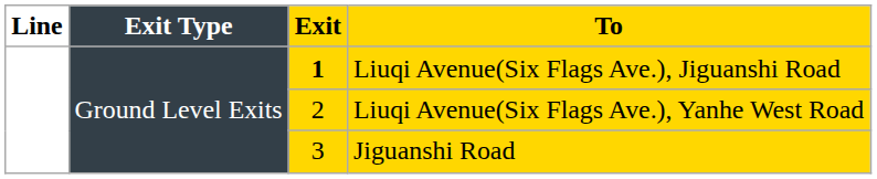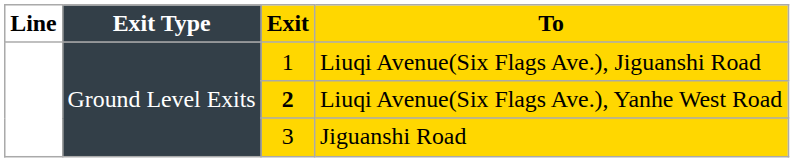 <table class="wikitable">
 <tr>
 <th style="width:70ppx; colspan:2; background:#ffffff; text-align:center;">Line</th>
 <th style="width:70ppx; colspan:2; background:#333f48; text-align:center; color:white;">Exit Type</th>
 <th style="background:#ffd700; color:black; text-align:center;">Exit</th>
 <th style="background:#ffd700; color:black; text-align:center;">To</th>
 </tr>
 <tr>
 <td rowspan=3 style=background:#ffffff> </td>
 <td rowspan=3 style="width:70ppx; colspan:2; background:#333f48; text-align:center; color:white;">Ground Level Exits</td>
-<td style="background:#ffd700; color:black; text-align:center;"><strong>1</strong></td>
+<td style="background:#ffd700; color:black; text-align:center;">1</td>
 <td style="background:#ffd700; color:black;">Liuqi Avenue(Six Flags Ave.), Jiguanshi Road</td>
 </tr>
 <tr>
-<td style="background:#ffd700; color:black; text-align:center;">2</td>
+<td style="background:#ffd700; color:black; text-align:center;"><strong>2</strong></td>
 <td style="background:#ffd700; color:black;">Liuqi Avenue(Six Flags Ave.), Yanhe West Road</td>
 </tr>
 <tr>
 <td style="background:#ffd700; color:black; text-align:center;">3</td>
 <td style="background:#ffd700; color:black;">Jiguanshi Road</td>
 </tr>
 </table>
